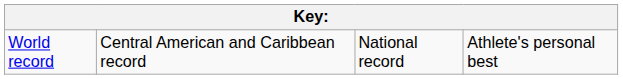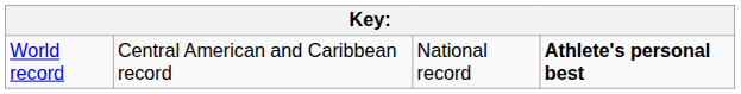 <table class="wikitable">
 <tr>
 <th colspan=4>Key:</th>
 </tr>
 <tr>
 <td><a href='#'>World record</a></td>
 <td>Central American and Caribbean record</td>
 <td>National record</td>
-<td>Athlete's personal best</td>
+<td><strong>Athlete's personal best</strong></td>
 </tr>
 </table>
